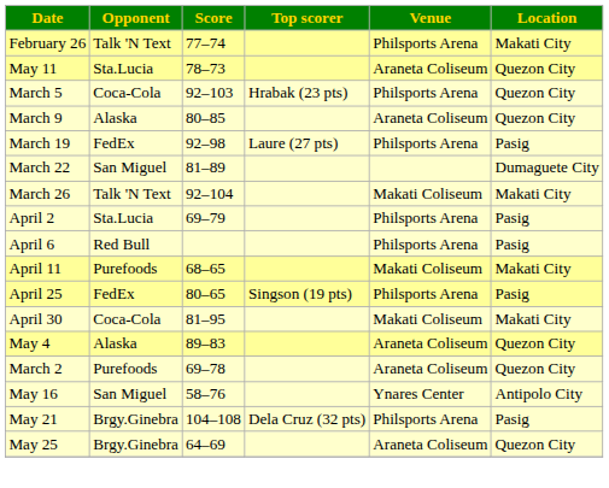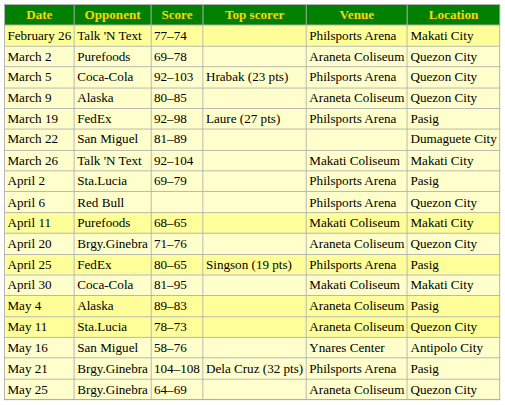 <table class="wikitable sortable sortable">
 <tr>
 <th style="background:#008000; color:#FFD500; ">Date</th>
 <th style="background:#008000; color:#FFD500; ">Opponent</th>
 <th style="background:#008000; color:#FFD500; ">Score</th>
 <th style="background:#008000; color:#FFD500; ">Top scorer</th>
 <th style="background:#008000; color:#FFD500; ">Venue</th>
 <th style="background:#008000; color:#FFD500; ">Location</th>
 </tr>
 <tr bgcolor=#FFFF99>
 <td>February 26</td>
 <td>Talk 'N Text</td>
 <td>77–74</td>
 <td></td>
 <td>Philsports Arena</td>
 <td>Makati City</td>
 </tr>
-<tr bgcolor=#FFFF99>
-<td>May 11</td>
-<td>Sta.Lucia</td>
-<td>78–73</td>
+<tr bgcolor=#FFFFCC>
+<td>March 2</td>
+<td>Purefoods</td>
+<td>69–78</td>
 <td></td>
 <td>Araneta Coliseum</td>
 <td>Quezon City</td>
 </tr>
 <tr bgcolor=#FFFFCC>
 <td>March 5</td>
 <td>Coca-Cola</td>
 <td>92–103</td>
 <td>Hrabak (23 pts)</td>
 <td>Philsports Arena</td>
 <td>Quezon City</td>
 </tr>
 <tr bgcolor=#FFFFCC>
 <td>March 9</td>
 <td>Alaska</td>
 <td>80–85</td>
 <td></td>
 <td>Araneta Coliseum</td>
 <td>Quezon City</td>
 </tr>
 <tr bgcolor=#FFFFCC>
 <td>March 19</td>
 <td>FedEx</td>
 <td>92–98</td>
 <td>Laure (27 pts)</td>
 <td>Philsports Arena</td>
 <td>Pasig</td>
 </tr>
 <tr bgcolor=#FFFFCC>
 <td>March 22</td>
 <td>San Miguel</td>
 <td>81–89</td>
 <td></td>
 <td></td>
 <td>Dumaguete City</td>
 </tr>
 <tr bgcolor=#FFFFCC>
 <td>March 26</td>
 <td>Talk 'N Text</td>
 <td>92–104</td>
 <td></td>
 <td>Makati Coliseum</td>
 <td>Makati City</td>
 </tr>
 <tr bgcolor=#FFFFCC>
 <td>April 2</td>
 <td>Sta.Lucia</td>
 <td>69–79</td>
 <td></td>
 <td>Philsports Arena</td>
 <td>Pasig</td>
 </tr>
 <tr bgcolor=#FFFFCC>
 <td>April 6</td>
 <td>Red Bull</td>
 <td></td>
 <td></td>
 <td>Philsports Arena</td>
-<td>Pasig</td>
+<td>Quezon City</td>
 </tr>
 <tr bgcolor=#FFFF99>
 <td>April 11</td>
 <td>Purefoods</td>
 <td>68–65</td>
 <td></td>
 <td>Makati Coliseum</td>
 <td>Makati City</td>
+</tr>
+<tr bgcolor=#FFFFCC>
+<td>April 20</td>
+<td>Brgy.Ginebra</td>
+<td>71–76</td>
+<td></td>
+<td>Araneta Coliseum</td>
+<td>Quezon City</td>
 </tr>
 <tr bgcolor=#FFFF99>
 <td>April 25</td>
 <td>FedEx</td>
 <td>80–65</td>
 <td>Singson (19 pts)</td>
 <td>Philsports Arena</td>
 <td>Pasig</td>
 </tr>
 <tr bgcolor=#FFFFCC>
 <td>April 30</td>
 <td>Coca-Cola</td>
 <td>81–95</td>
 <td></td>
 <td>Makati Coliseum</td>
 <td>Makati City</td>
 </tr>
 <tr bgcolor=#FFFF99>
 <td>May 4</td>
 <td>Alaska</td>
 <td>89–83</td>
 <td></td>
 <td>Araneta Coliseum</td>
-<td>Quezon City</td>
+<td>Pasig</td>
 </tr>
-<tr bgcolor=#FFFFCC>
-<td>March 2</td>
-<td>Purefoods</td>
-<td>69–78</td>
+<tr bgcolor=#FFFF99>
+<td>May 11</td>
+<td>Sta.Lucia</td>
+<td>78–73</td>
 <td></td>
 <td>Araneta Coliseum</td>
 <td>Quezon City</td>
 </tr>
 <tr bgcolor=#FFFFCC>
 <td>May 16</td>
 <td>San Miguel</td>
 <td>58–76</td>
 <td></td>
 <td>Ynares Center</td>
 <td>Antipolo City</td>
 </tr>
 <tr bgcolor=#FFFFCC>
 <td>May 21</td>
 <td>Brgy.Ginebra</td>
 <td>104–108</td>
 <td>Dela Cruz (32 pts)</td>
 <td>Philsports Arena</td>
 <td>Pasig</td>
 </tr>
 <tr bgcolor=#FFFFCC>
 <td>May 25</td>
 <td>Brgy.Ginebra</td>
 <td>64–69</td>
 <td></td>
 <td>Araneta Coliseum</td>
 <td>Quezon City</td>
 </tr>
 <tr>
 </tr>
 </table>
